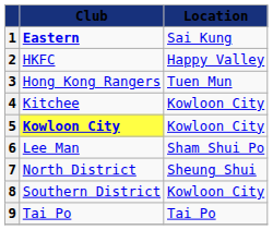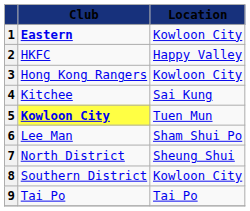 <table class="wikitable sortable" style="text-align:left">
 <tr>
 <th style="background:#17317c;"></th>
 <th style="background:#17317c;"><span>Club</span></th>
 <th style="background:#17317c;"><span>Location</span></th>
 </tr>
 <tr>
 <th>1</th>
 <td><strong><a href='#'>Eastern</a></strong></td>
-<td><a href='#'>Sai Kung</a></td>
+<td><a href='#'>Kowloon City</a></td>
 </tr>
 <tr>
 <th>2</th>
 <td><a href='#'>HKFC</a></td>
 <td><a href='#'>Happy Valley</a></td>
 </tr>
 <tr>
 <th>3</th>
 <td><a href='#'>Hong Kong Rangers</a></td>
-<td><a href='#'>Tuen Mun</a></td>
+<td><a href='#'>Kowloon City</a></td>
 </tr>
 <tr>
 <th>4</th>
 <td><a href='#'>Kitchee</a></td>
-<td><a href='#'>Kowloon City</a></td>
+<td><a href='#'>Sai Kung</a></td>
 </tr>
 <tr>
 <th>5</th>
 <td bgcolor=#ffff44><strong><a href='#'>Kowloon City</a></strong></td>
-<td><a href='#'>Kowloon City</a></td>
+<td><a href='#'>Tuen Mun</a></td>
 </tr>
 <tr>
 <th>6</th>
 <td><a href='#'>Lee Man</a></td>
 <td><a href='#'>Sham Shui Po</a></td>
 </tr>
 <tr>
 <th>7</th>
 <td><a href='#'>North District</a></td>
 <td><a href='#'>Sheung Shui</a></td>
 </tr>
 <tr>
 <th>8</th>
 <td><a href='#'>Southern District</a></td>
 <td><a href='#'>Kowloon City</a></td>
 </tr>
 <tr>
 <th>9</th>
 <td><a href='#'>Tai Po</a></td>
 <td><a href='#'>Tai Po</a></td>
 </tr>
 <tr>
 </tr>
 </table>
